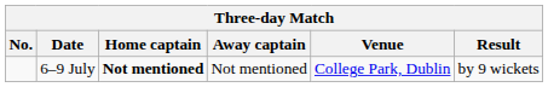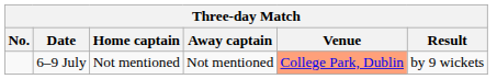 <table class="wikitable">
 <tr>
 <th colspan="9">Three-day Match</th>
 </tr>
 <tr>
 <th>No.</th>
 <th>Date</th>
 <th>Home captain</th>
 <th>Away captain</th>
 <th>Venue</th>
 <th>Result</th>
 </tr>
 <tr>
 <td></td>
 <td>6–9 July</td>
-<td><strong>Not mentioned</strong></td>
 <td>Not mentioned</td>
-<td><a href='#'>College Park, Dublin</a></td>
+<td>Not mentioned</td>
+<td style="background: lightsalmon;"><a href='#'>College Park, Dublin</a></td>
 <td> by 9 wickets</td>
 </tr>
 </table>
